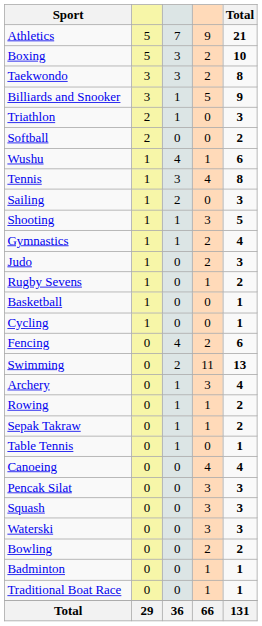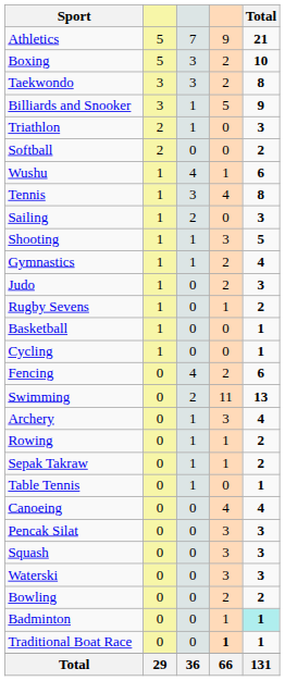 <table class="wikitable" style="font-size:100%; text-align:center;">
 <tr>
 <th width=150>Sport</th>
 <th scope="col" width=30 style="background:#F7F6A8;"></th>
 <th scope="col" width=30 style="background:#DCE5E5;"></th>
 <th scope="col" width=30 style="background:#FFDAB9;"></th>
 <th width=30>Total</th>
 </tr>
 <tr>
 <td align=left><a href='#'>Athletics</a></td>
 <td style="background:#F7F6A8;">5</td>
 <td style="background:#DCE5E5;">7</td>
 <td style="background:#FFDAB9;">9</td>
 <td><strong>21</strong></td>
 </tr>
 <tr>
 <td align=left><a href='#'>Boxing</a></td>
 <td style="background:#F7F6A8;">5</td>
 <td style="background:#DCE5E5;">3</td>
 <td style="background:#FFDAB9;">2</td>
 <td><strong>10</strong></td>
 </tr>
 <tr>
 <td align=left><a href='#'>Taekwondo</a></td>
 <td style="background:#F7F6A8;">3</td>
 <td style="background:#DCE5E5;">3</td>
 <td style="background:#FFDAB9;">2</td>
 <td><strong>8</strong></td>
 </tr>
 <tr>
 <td align=left><a href='#'>Billiards and Snooker</a></td>
 <td style="background:#F7F6A8;">3</td>
 <td style="background:#DCE5E5;">1</td>
 <td style="background:#FFDAB9;">5</td>
 <td><strong>9</strong></td>
 </tr>
 <tr>
 <td align=left><a href='#'>Triathlon</a></td>
 <td style="background:#F7F6A8;">2</td>
 <td style="background:#DCE5E5;">1</td>
 <td style="background:#FFDAB9;">0</td>
 <td><strong>3</strong></td>
 </tr>
 <tr>
 <td align=left><a href='#'>Softball</a></td>
 <td style="background:#F7F6A8;">2</td>
 <td style="background:#DCE5E5;">0</td>
 <td style="background:#FFDAB9;">0</td>
 <td><strong>2</strong></td>
 </tr>
 <tr>
 <td align=left><a href='#'>Wushu</a></td>
 <td style="background:#F7F6A8;">1</td>
 <td style="background:#DCE5E5;">4</td>
 <td style="background:#FFDAB9;">1</td>
 <td><strong>6</strong></td>
 </tr>
 <tr>
 <td align=left><a href='#'>Tennis</a></td>
 <td style="background:#F7F6A8;">1</td>
 <td style="background:#DCE5E5;">3</td>
 <td style="background:#FFDAB9;">4</td>
 <td><strong>8</strong></td>
 </tr>
 <tr>
 <td align=left><a href='#'>Sailing</a></td>
 <td style="background:#F7F6A8;">1</td>
 <td style="background:#DCE5E5;">2</td>
 <td style="background:#FFDAB9;">0</td>
 <td><strong>3</strong></td>
 </tr>
 <tr>
 <td align=left><a href='#'>Shooting</a></td>
 <td style="background:#F7F6A8;">1</td>
 <td style="background:#DCE5E5;">1</td>
 <td style="background:#FFDAB9;">3</td>
 <td><strong>5</strong></td>
 </tr>
 <tr>
 <td align=left><a href='#'>Gymnastics</a></td>
 <td style="background:#F7F6A8;">1</td>
 <td style="background:#DCE5E5;">1</td>
 <td style="background:#FFDAB9;">2</td>
 <td><strong>4</strong></td>
 </tr>
 <tr>
 <td align=left><a href='#'>Judo</a></td>
 <td style="background:#F7F6A8;">1</td>
 <td style="background:#DCE5E5;">0</td>
 <td style="background:#FFDAB9;">2</td>
 <td><strong>3</strong></td>
 </tr>
 <tr>
 <td align=left><a href='#'>Rugby Sevens</a></td>
 <td style="background:#F7F6A8;">1</td>
 <td style="background:#DCE5E5;">0</td>
 <td style="background:#FFDAB9;">1</td>
 <td><strong>2</strong></td>
 </tr>
 <tr>
 <td align=left><a href='#'>Basketball</a></td>
 <td style="background:#F7F6A8;">1</td>
 <td style="background:#DCE5E5;">0</td>
 <td style="background:#FFDAB9;">0</td>
 <td><strong>1</strong></td>
 </tr>
 <tr>
 <td align=left><a href='#'>Cycling</a></td>
 <td style="background:#F7F6A8;">1</td>
 <td style="background:#DCE5E5;">0</td>
 <td style="background:#FFDAB9;">0</td>
 <td><strong>1</strong></td>
 </tr>
 <tr>
 <td align=left><a href='#'>Fencing</a></td>
 <td style="background:#F7F6A8;">0</td>
 <td style="background:#DCE5E5;">4</td>
 <td style="background:#FFDAB9;">2</td>
 <td><strong>6</strong></td>
 </tr>
 <tr>
 <td align=left><a href='#'>Swimming</a></td>
 <td style="background:#F7F6A8;">0</td>
 <td style="background:#DCE5E5;">2</td>
 <td style="background:#FFDAB9;">11</td>
 <td><strong>13</strong></td>
 </tr>
 <tr>
 <td align=left><a href='#'>Archery</a></td>
 <td style="background:#F7F6A8;">0</td>
 <td style="background:#DCE5E5;">1</td>
 <td style="background:#FFDAB9;">3</td>
 <td><strong>4</strong></td>
 </tr>
 <tr>
 <td align=left><a href='#'>Rowing</a></td>
 <td style="background:#F7F6A8;">0</td>
 <td style="background:#DCE5E5;">1</td>
 <td style="background:#FFDAB9;">1</td>
 <td><strong>2</strong></td>
 </tr>
 <tr>
 <td align=left><a href='#'>Sepak Takraw</a></td>
 <td style="background:#F7F6A8;">0</td>
 <td style="background:#DCE5E5;">1</td>
 <td style="background:#FFDAB9;">1</td>
 <td><strong>2</strong></td>
 </tr>
 <tr>
 <td align=left><a href='#'>Table Tennis</a></td>
 <td style="background:#F7F6A8;">0</td>
 <td style="background:#DCE5E5;">1</td>
 <td style="background:#FFDAB9;">0</td>
 <td><strong>1</strong></td>
 </tr>
 <tr>
 <td align=left><a href='#'>Canoeing</a></td>
 <td style="background:#F7F6A8;">0</td>
 <td style="background:#DCE5E5;">0</td>
 <td style="background:#FFDAB9;">4</td>
 <td><strong>4</strong></td>
 </tr>
 <tr>
 <td align=left><a href='#'>Pencak Silat</a></td>
 <td style="background:#F7F6A8;">0</td>
 <td style="background:#DCE5E5;">0</td>
 <td style="background:#FFDAB9;">3</td>
 <td><strong>3</strong></td>
 </tr>
 <tr>
 <td align=left><a href='#'>Squash</a></td>
 <td style="background:#F7F6A8;">0</td>
 <td style="background:#DCE5E5;">0</td>
 <td style="background:#FFDAB9;">3</td>
 <td><strong>3</strong></td>
 </tr>
 <tr>
 <td align=left><a href='#'>Waterski</a></td>
 <td style="background:#F7F6A8;">0</td>
 <td style="background:#DCE5E5;">0</td>
 <td style="background:#FFDAB9;">3</td>
 <td><strong>3</strong></td>
 </tr>
 <tr>
 <td align=left><a href='#'>Bowling</a></td>
 <td style="background:#F7F6A8;">0</td>
 <td style="background:#DCE5E5;">0</td>
 <td style="background:#FFDAB9;">2</td>
 <td><strong>2</strong></td>
 </tr>
 <tr>
 <td align=left><a href='#'>Badminton</a></td>
 <td style="background:#F7F6A8;">0</td>
 <td style="background:#DCE5E5;">0</td>
 <td style="background:#FFDAB9;">1</td>
-<td><strong>1</strong></td>
+<td style="background: paleturquoise;"><strong>1</strong></td>
 </tr>
 <tr>
 <td align=left><a href='#'>Traditional Boat Race</a></td>
 <td style="background:#F7F6A8;">0</td>
 <td style="background:#DCE5E5;">0</td>
-<td style="background:#FFDAB9;">1</td>
+<td style="background:#FFDAB9;"><strong>1</strong></td>
 <td><strong>1</strong></td>
 </tr>
 <tr>
 </tr>
 <tr class="sortbottom">
 <th>Total</th>
 <th>29</th>
 <th>36</th>
 <th>66</th>
 <th>131</th>
 </tr>
 </table>
